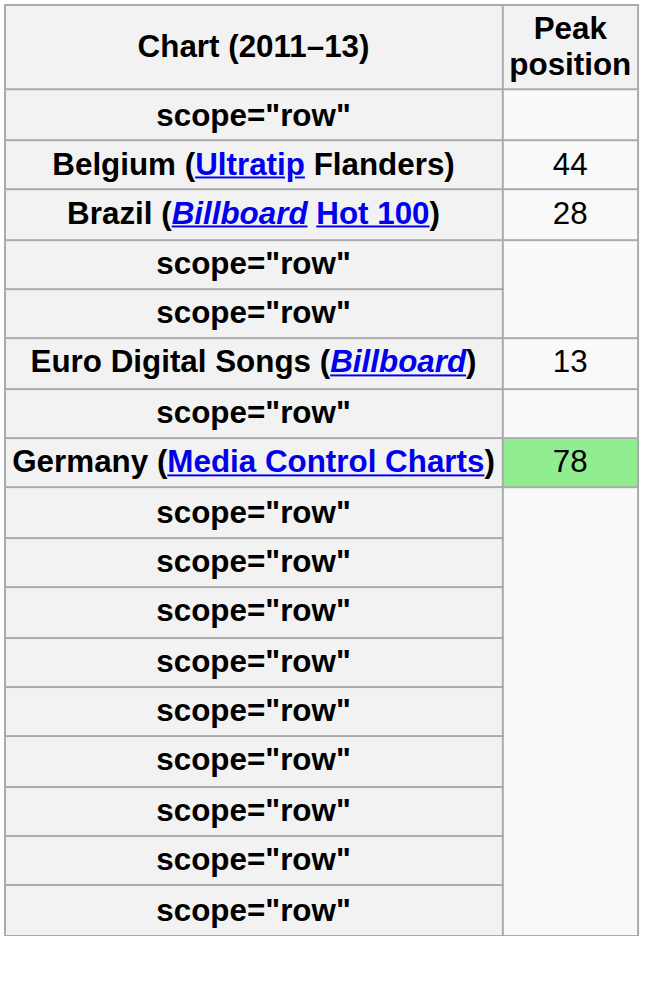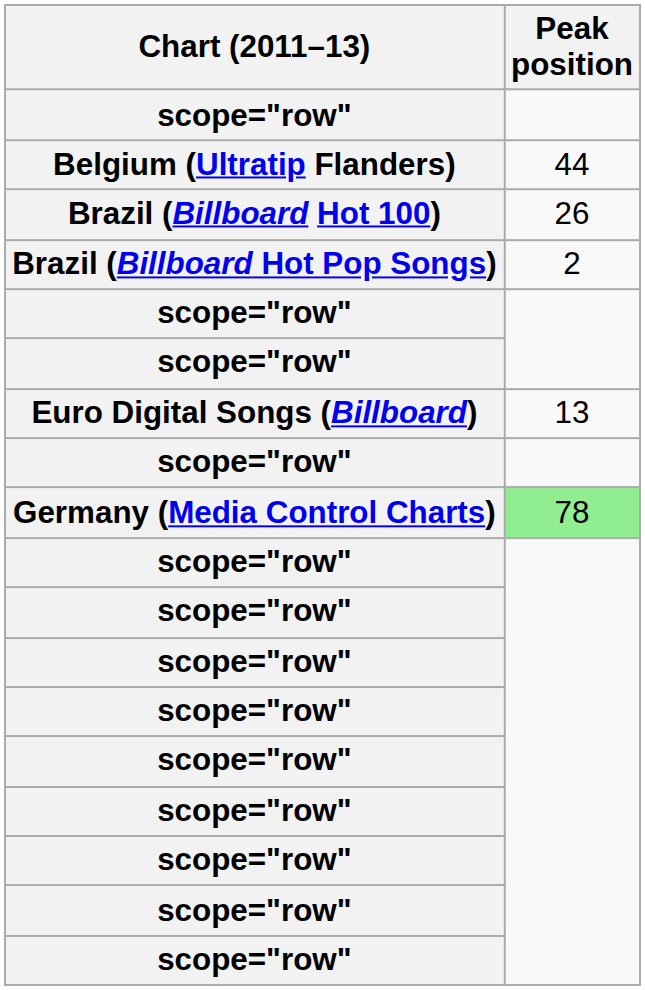 <table class="wikitable sortable plainrowheaders" style="text-align:center">
 <tr>
 <th>Chart (2011–13)</th>
 <th>Peak<br>position</th>
 </tr>
 <tr>
 <th>scope="row"</th>
 </tr>
 <tr>
 <th scope="row">Belgium (<a href='#'>Ultratip</a> Flanders)</th>
 <td style="text-align:center;">44</td>
 </tr>
 <tr>
 <th scope="row">Brazil (<em><a href='#'>Billboard</a></em> <a href='#'>Hot 100</a>)</th>
-<td style="text-align:center;">28</td>
+<td style="text-align:center;">26</td>
+</tr>
+<tr>
+<th scope="row">Brazil (<a href='#'><em>Billboard</em> Hot Pop Songs</a>)</th>
+<td style="text-align:center;">2</td>
 </tr>
 <tr>
 <th>scope="row"</th>
 </tr>
 <tr>
 <th>scope="row"</th>
 </tr>
 <tr>
 <th scope="row">Euro Digital Songs (<em><a href='#'>Billboard</a></em>)</th>
 <td align="center">13</td>
 </tr>
 <tr>
 <th>scope="row"</th>
 </tr>
 <tr>
 <th scope="row">Germany (<a href='#'>Media Control Charts</a>)</th>
 <td style="background: lightgreen; text-align:center;">78</td>
 </tr>
 <tr>
 <th>scope="row"</th>
 </tr>
 <tr>
 <th>scope="row"</th>
 </tr>
 <tr>
 <th>scope="row"</th>
 </tr>
 <tr>
 <th>scope="row"</th>
 </tr>
 <tr>
 <th>scope="row"</th>
 </tr>
 <tr>
 <th>scope="row"</th>
 </tr>
 <tr>
 <th>scope="row"</th>
 </tr>
 <tr>
 <th>scope="row"</th>
 </tr>
 <tr>
 <th>scope="row"</th>
 </tr>
 </table>
